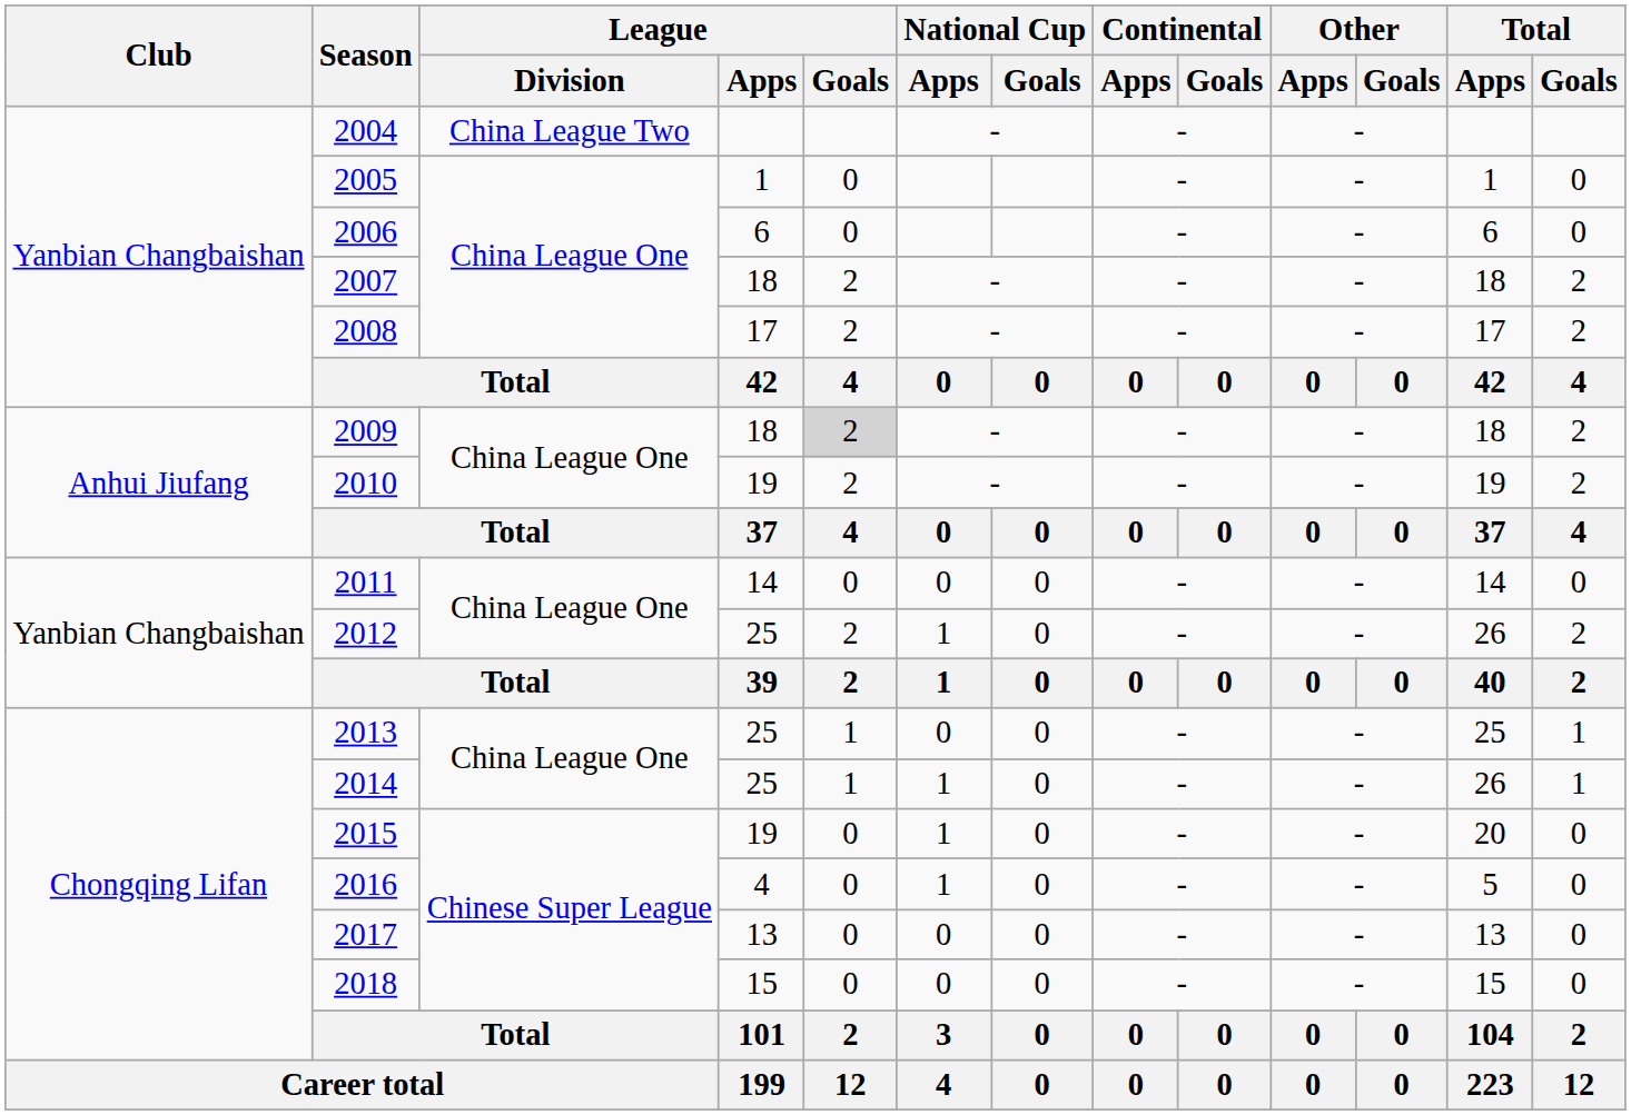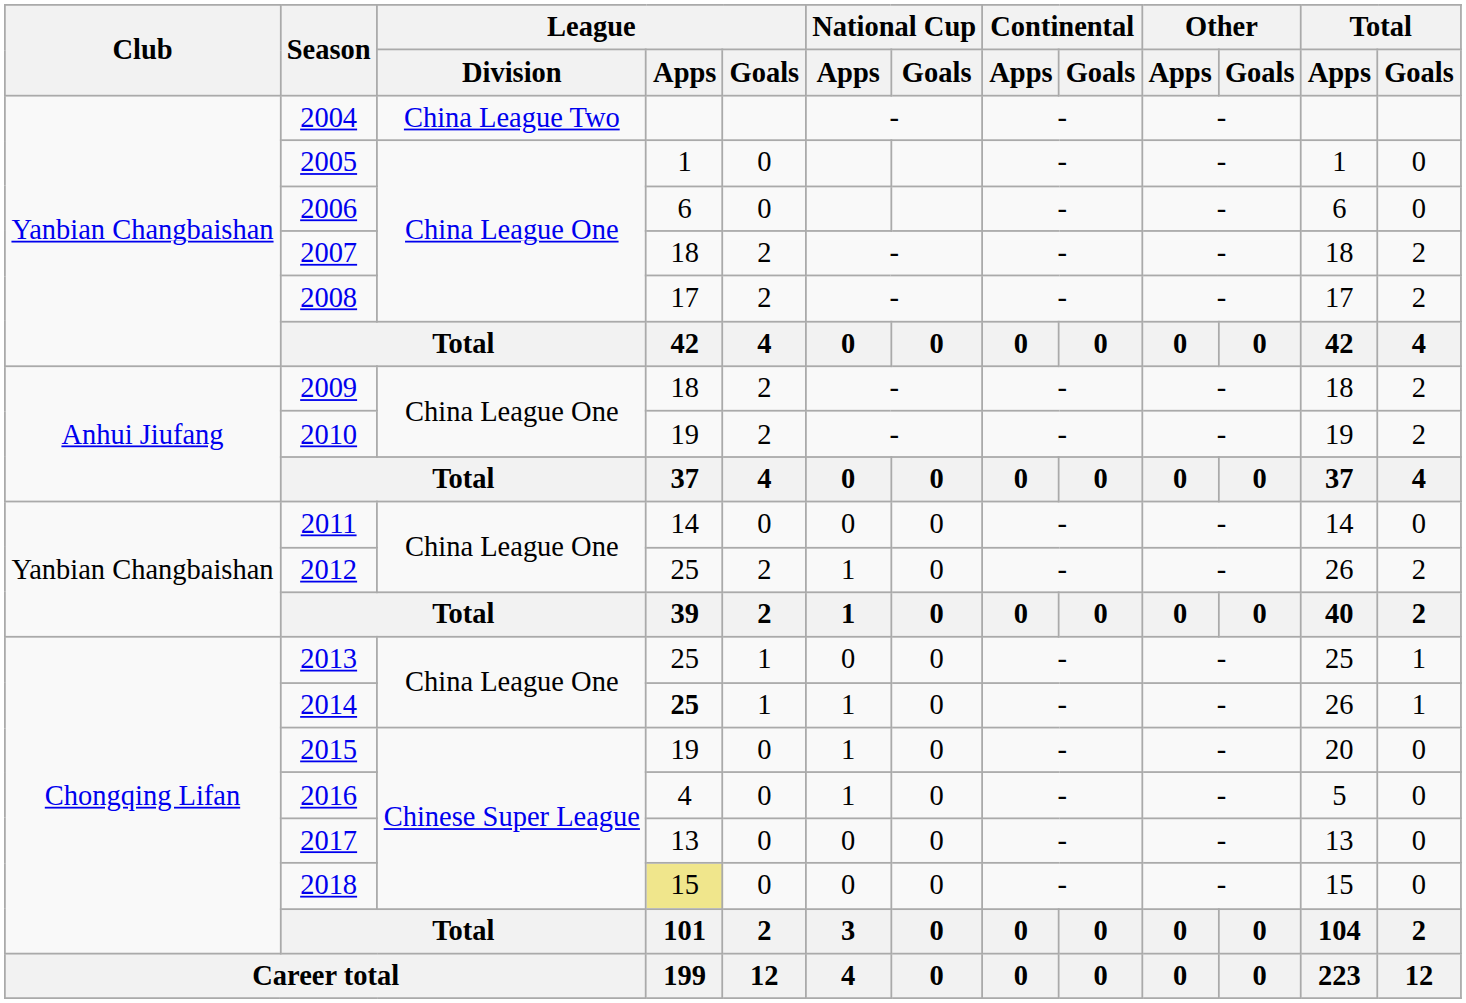 <table class="wikitable" style="text-align: center">
 <tr>
 <th rowspan="2">Club</th>
 <th rowspan="2">Season</th>
 <th colspan="3">League</th>
 <th colspan="2">National Cup</th>
 <th colspan="2">Continental</th>
 <th colspan="2">Other</th>
 <th colspan="2">Total</th>
 </tr>
 <tr>
 <th>Division</th>
 <th>Apps</th>
 <th>Goals</th>
 <th>Apps</th>
 <th>Goals</th>
 <th>Apps</th>
 <th>Goals</th>
 <th>Apps</th>
 <th>Goals</th>
 <th>Apps</th>
 <th>Goals</th>
 </tr>
 <tr>
 <td rowspan="6"><a href='#'>Yanbian Changbaishan</a></td>
 <td><a href='#'>2004</a></td>
 <td><a href='#'>China League Two</a></td>
 <td></td>
 <td></td>
 <td colspan="2">-</td>
 <td colspan="2">-</td>
 <td colspan="2">-</td>
 <td></td>
 <td></td>
 </tr>
 <tr>
 <td><a href='#'>2005</a></td>
 <td rowspan="4"><a href='#'>China League One</a></td>
 <td>1</td>
 <td>0</td>
 <td></td>
 <td></td>
 <td colspan="2">-</td>
 <td colspan="2">-</td>
 <td>1</td>
 <td>0</td>
 </tr>
 <tr>
 <td><a href='#'>2006</a></td>
 <td>6</td>
 <td>0</td>
 <td></td>
 <td></td>
 <td colspan="2">-</td>
 <td colspan="2">-</td>
 <td>6</td>
 <td>0</td>
 </tr>
 <tr>
 <td><a href='#'>2007</a></td>
 <td>18</td>
 <td>2</td>
 <td colspan="2">-</td>
 <td colspan="2">-</td>
 <td colspan="2">-</td>
 <td>18</td>
 <td>2</td>
 </tr>
 <tr>
 <td><a href='#'>2008</a></td>
 <td>17</td>
 <td>2</td>
 <td colspan="2">-</td>
 <td colspan="2">-</td>
 <td colspan="2">-</td>
 <td>17</td>
 <td>2</td>
 </tr>
 <tr>
 <th colspan="2">Total</th>
 <th>42</th>
 <th>4</th>
 <th>0</th>
 <th>0</th>
 <th>0</th>
 <th>0</th>
 <th>0</th>
 <th>0</th>
 <th>42</th>
 <th>4</th>
 </tr>
 <tr>
 <td rowspan="3"><a href='#'>Anhui Jiufang</a></td>
 <td><a href='#'>2009</a></td>
 <td rowspan="2">China League One</td>
 <td>18</td>
-<td style="background: lightgrey;">2</td>
+<td>2</td>
 <td colspan="2">-</td>
 <td colspan="2">-</td>
 <td colspan="2">-</td>
 <td>18</td>
 <td>2</td>
 </tr>
 <tr>
 <td><a href='#'>2010</a></td>
 <td>19</td>
 <td>2</td>
 <td colspan="2">-</td>
 <td colspan="2">-</td>
 <td colspan="2">-</td>
 <td>19</td>
 <td>2</td>
 </tr>
 <tr>
 <th colspan="2">Total</th>
 <th>37</th>
 <th>4</th>
 <th>0</th>
 <th>0</th>
 <th>0</th>
 <th>0</th>
 <th>0</th>
 <th>0</th>
 <th>37</th>
 <th>4</th>
 </tr>
 <tr>
 <td rowspan="3">Yanbian Changbaishan</td>
 <td><a href='#'>2011</a></td>
 <td rowspan="2">China League One</td>
 <td>14</td>
 <td>0</td>
 <td>0</td>
 <td>0</td>
 <td colspan="2">-</td>
 <td colspan="2">-</td>
 <td>14</td>
 <td>0</td>
 </tr>
 <tr>
 <td><a href='#'>2012</a></td>
 <td>25</td>
 <td>2</td>
 <td>1</td>
 <td>0</td>
 <td colspan="2">-</td>
 <td colspan="2">-</td>
 <td>26</td>
 <td>2</td>
 </tr>
 <tr>
 <th colspan="2">Total</th>
 <th>39</th>
 <th>2</th>
 <th>1</th>
 <th>0</th>
 <th>0</th>
 <th>0</th>
 <th>0</th>
 <th>0</th>
 <th>40</th>
 <th>2</th>
 </tr>
 <tr>
 <td rowspan="7"><a href='#'>Chongqing Lifan</a></td>
 <td><a href='#'>2013</a></td>
 <td rowspan="2">China League One</td>
 <td>25</td>
 <td>1</td>
 <td>0</td>
 <td>0</td>
 <td colspan="2">-</td>
 <td colspan="2">-</td>
 <td>25</td>
 <td>1</td>
 </tr>
 <tr>
 <td><a href='#'>2014</a></td>
-<td>25</td>
+<td><strong>25</strong></td>
 <td>1</td>
 <td>1</td>
 <td>0</td>
 <td colspan="2">-</td>
 <td colspan="2">-</td>
 <td>26</td>
 <td>1</td>
 </tr>
 <tr>
 <td><a href='#'>2015</a></td>
 <td rowspan="4"><a href='#'>Chinese Super League</a></td>
 <td>19</td>
 <td>0</td>
 <td>1</td>
 <td>0</td>
 <td colspan="2">-</td>
 <td colspan="2">-</td>
 <td>20</td>
 <td>0</td>
 </tr>
 <tr>
 <td><a href='#'>2016</a></td>
 <td>4</td>
 <td>0</td>
 <td>1</td>
 <td>0</td>
 <td colspan="2">-</td>
 <td colspan="2">-</td>
 <td>5</td>
 <td>0</td>
 </tr>
 <tr>
 <td><a href='#'>2017</a></td>
 <td>13</td>
 <td>0</td>
 <td>0</td>
 <td>0</td>
 <td colspan="2">-</td>
 <td colspan="2">-</td>
 <td>13</td>
 <td>0</td>
 </tr>
 <tr>
 <td><a href='#'>2018</a></td>
-<td>15</td>
+<td style="background: khaki;">15</td>
 <td>0</td>
 <td>0</td>
 <td>0</td>
 <td colspan="2">-</td>
 <td colspan="2">-</td>
 <td>15</td>
 <td>0</td>
 </tr>
 <tr>
 <th colspan="2">Total</th>
 <th>101</th>
 <th>2</th>
 <th>3</th>
 <th>0</th>
 <th>0</th>
 <th>0</th>
 <th>0</th>
 <th>0</th>
 <th>104</th>
 <th>2</th>
 </tr>
 <tr>
 <th colspan=3>Career total</th>
 <th>199</th>
 <th>12</th>
 <th>4</th>
 <th>0</th>
 <th>0</th>
 <th>0</th>
 <th>0</th>
 <th>0</th>
 <th>223</th>
 <th>12</th>
 </tr>
 </table>
